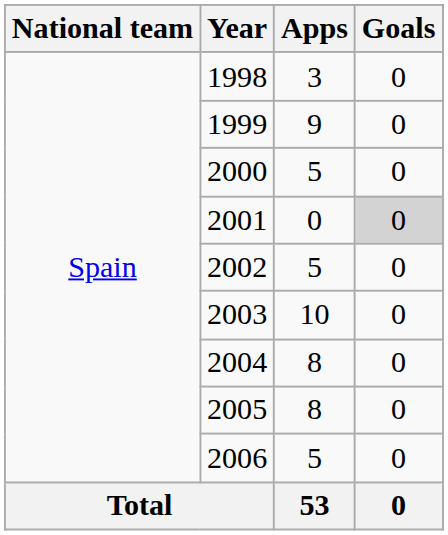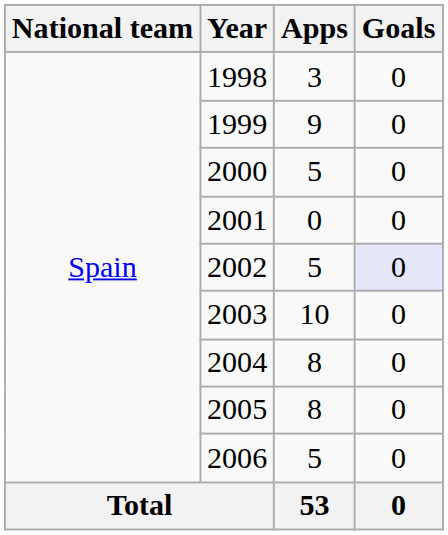 <table class="wikitable" style="text-align:center">
 <tr>
 <th>National team</th>
 <th>Year</th>
 <th>Apps</th>
 <th>Goals</th>
 </tr>
 <tr>
 <td rowspan="9"><a href='#'>Spain</a></td>
 <td>1998</td>
 <td>3</td>
 <td>0</td>
 </tr>
 <tr>
 <td>1999</td>
 <td>9</td>
 <td>0</td>
 </tr>
 <tr>
 <td>2000</td>
 <td>5</td>
 <td>0</td>
 </tr>
 <tr>
 <td>2001</td>
 <td>0</td>
-<td style="background: lightgrey;">0</td>
+<td>0</td>
 </tr>
 <tr>
 <td>2002</td>
 <td>5</td>
-<td>0</td>
+<td style="background: lavender;">0</td>
 </tr>
 <tr>
 <td>2003</td>
 <td>10</td>
 <td>0</td>
 </tr>
 <tr>
 <td>2004</td>
 <td>8</td>
 <td>0</td>
 </tr>
 <tr>
 <td>2005</td>
 <td>8</td>
 <td>0</td>
 </tr>
 <tr>
 <td>2006</td>
 <td>5</td>
 <td>0</td>
 </tr>
 <tr>
 <th colspan="2">Total</th>
 <th>53</th>
 <th>0</th>
 </tr>
 </table>
